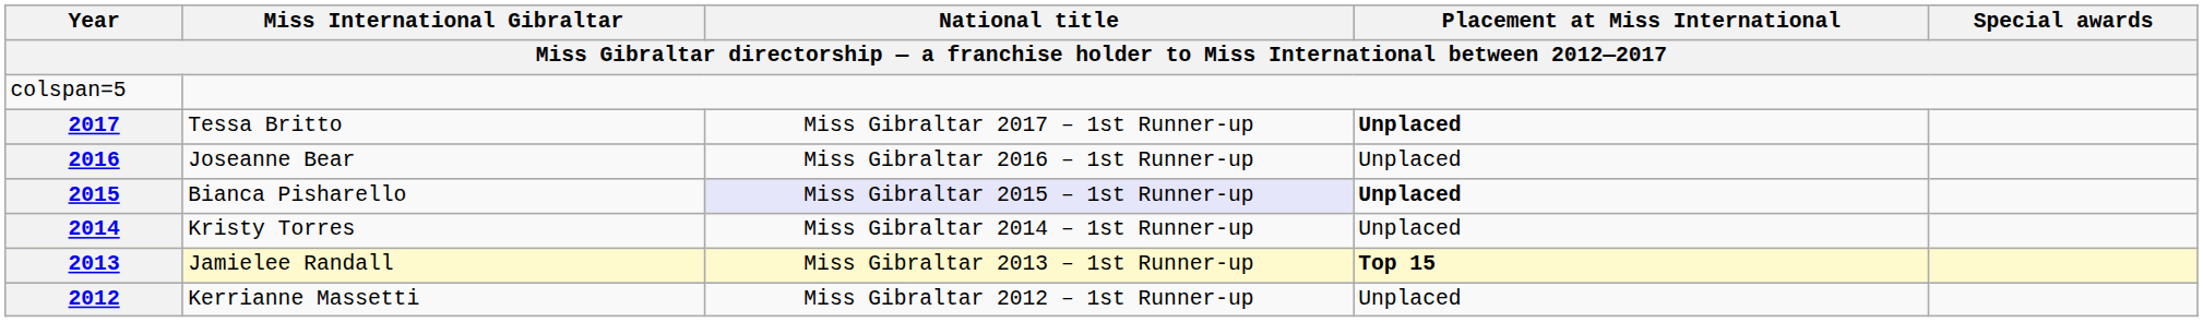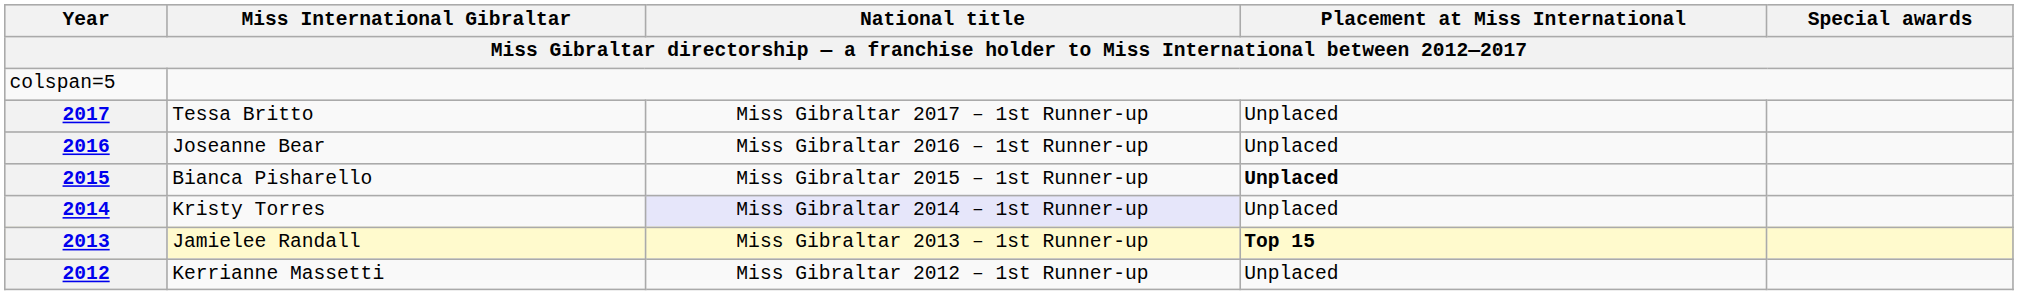 <table class="wikitable " style="font-size: 95%; width:100%">
 <tr>
 <th>Year</th>
 <th>Miss International Gibraltar</th>
 <th>National title</th>
 <th>Placement at Miss International</th>
 <th>Special awards</th>
 </tr>
 <tr>
 <th colspan="5">Miss Gibraltar directorship — a franchise holder to Miss International between 2012―2017</th>
 </tr>
 <tr>
 <td>colspan=5 </td>
 </tr>
 <tr>
 <th><a href='#'>2017</a></th>
 <td>Tessa Britto</td>
 <td align="center">Miss Gibraltar 2017 – 1st Runner-up</td>
-<td><strong>Unplaced</strong></td>
+<td>Unplaced</td>
 <td></td>
 </tr>
 <tr>
 <th><a href='#'>2016</a></th>
 <td>Joseanne Bear</td>
 <td align="center">Miss Gibraltar 2016 – 1st Runner-up</td>
 <td>Unplaced</td>
 <td></td>
 </tr>
 <tr>
 <th><a href='#'>2015</a></th>
 <td>Bianca Pisharello</td>
-<td align="center" style="background: lavender;">Miss Gibraltar 2015 – 1st Runner-up</td>
+<td align="center">Miss Gibraltar 2015 – 1st Runner-up</td>
 <td><strong>Unplaced</strong></td>
 <td></td>
 </tr>
 <tr>
 <th><a href='#'>2014</a></th>
 <td>Kristy Torres</td>
-<td align="center">Miss Gibraltar 2014 – 1st Runner-up</td>
+<td align="center" style="background: lavender;">Miss Gibraltar 2014 – 1st Runner-up</td>
 <td>Unplaced</td>
 <td></td>
 </tr>
 <tr style="background-color:#FFFACD;">
 <th><a href='#'>2013</a></th>
 <td>Jamielee Randall</td>
 <td align="center">Miss Gibraltar 2013 – 1st Runner-up</td>
 <td><strong>Top 15</strong></td>
 <td></td>
 </tr>
 <tr>
 <th><a href='#'>2012</a></th>
 <td>Kerrianne Massetti</td>
 <td align="center">Miss Gibraltar 2012 – 1st Runner-up</td>
 <td>Unplaced</td>
 <td></td>
 </tr>
 </table>
